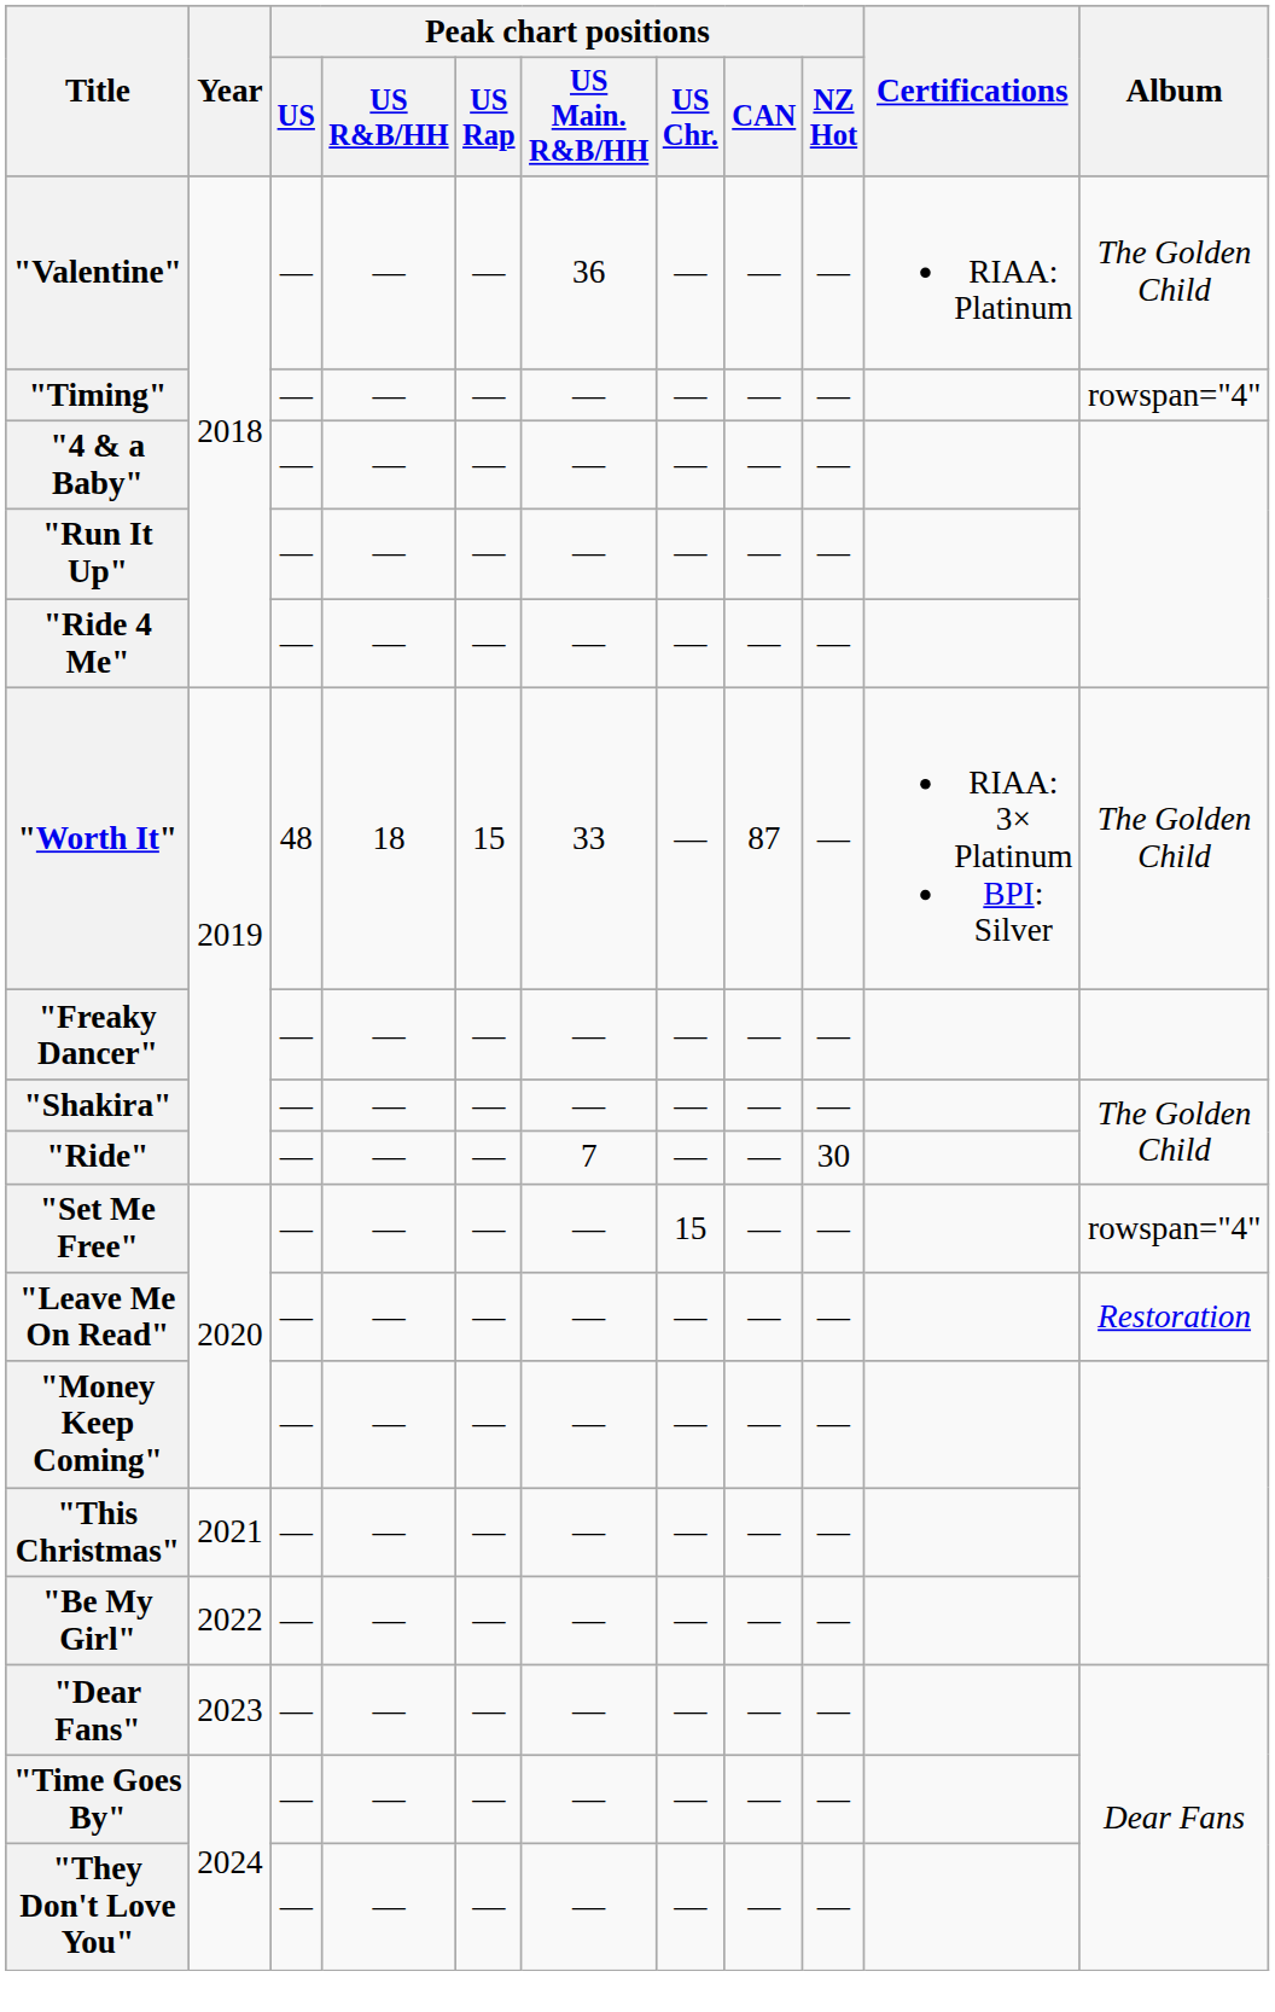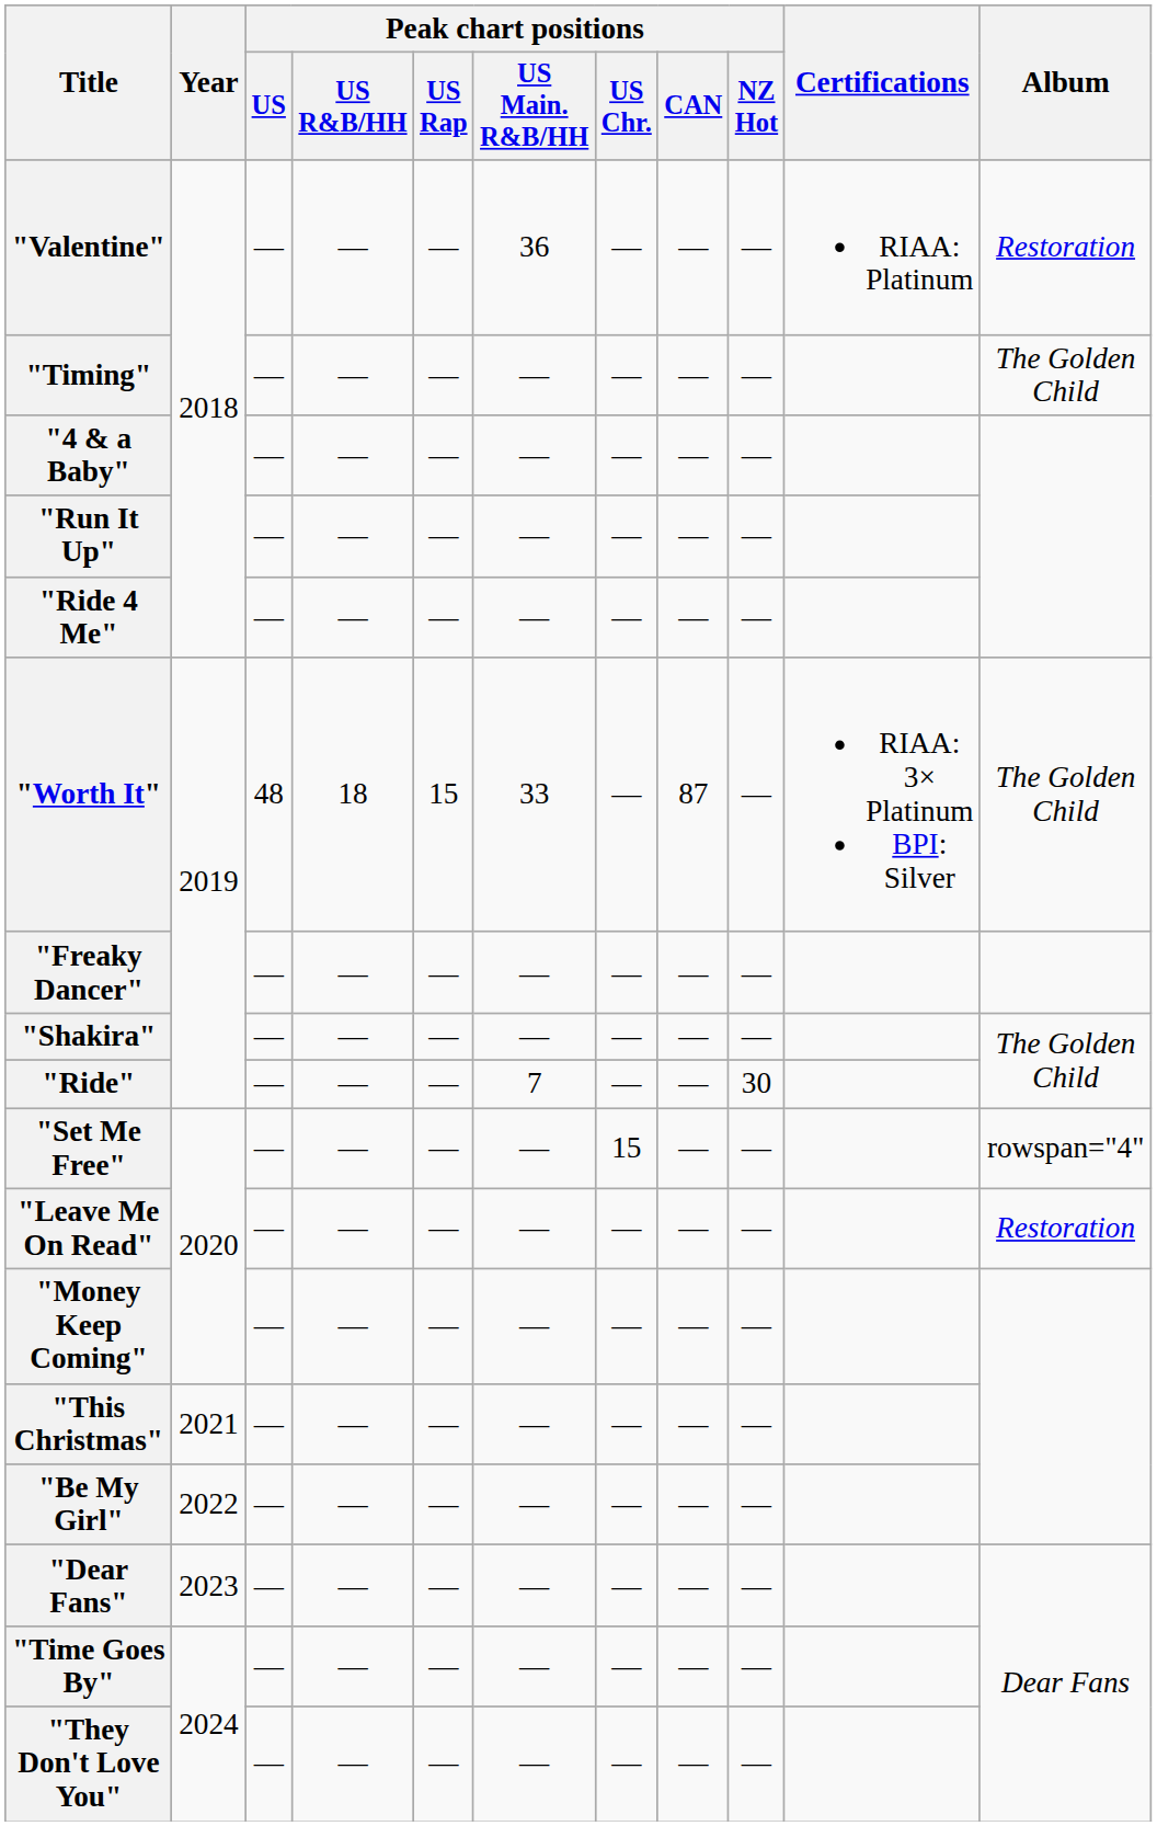 <table class="wikitable plainrowheaders" style="text-align:center;">
 <tr>
 <th scope="col" rowspan="2" style="width:15em;">Title</th>
 <th scope="col" rowspan="2" style="width:1em;">Year</th>
 <th colspan="7" scope="col">Peak chart positions</th>
 <th scope="col" rowspan="2" style="width:10em;"><a href='#'>Certifications</a></th>
 <th scope="col" rowspan="2">Album</th>
 </tr>
 <tr>
 <th scope="col" style="width:3em;font-size:90%;"><a href='#'>US</a><br></th>
 <th scope="col" style="width:3em;font-size:90%;"><a href='#'>US<br>R&B/HH</a><br></th>
 <th scope="col" style="width:3em;font-size:90%;"><a href='#'>US<br>Rap</a><br></th>
 <th scope="col" style="width:3em;font-size:90%;"><a href='#'>US<br>Main.<br>R&B/HH</a><br></th>
 <th scope="col" style="width:3em;font-size:90%;"><a href='#'>US<br>Chr.</a><br></th>
 <th scope="col" style="width:3em;font-size:90%;"><a href='#'>CAN</a><br></th>
 <th scope="col" style="width:3em;font-size:90%;"><a href='#'>NZ<br>Hot</a><br></th>
 </tr>
 <tr>
 <th scope="row">"Valentine"</th>
 <td rowspan="5">2018</td>
 <td>—</td>
 <td>—</td>
 <td>—</td>
 <td>36</td>
 <td>—</td>
 <td>—</td>
 <td>—</td>
 <td><br><ul><li>RIAA: Platinum</li></ul></td>
-<td><em>The Golden Child</em></td>
+<td><em><a href='#'>Restoration</a></em></td>
 </tr>
 <tr>
 <th scope="row">"Timing"</th>
 <td>—</td>
 <td>—</td>
 <td>—</td>
 <td>—</td>
 <td>—</td>
 <td>—</td>
 <td>—</td>
 <td></td>
-<td>rowspan="4" </td>
+<td><em>The Golden Child</em></td>
 </tr>
 <tr>
 <th scope="row">"4 & a Baby"<br></th>
 <td>—</td>
 <td>—</td>
 <td>—</td>
 <td>—</td>
 <td>—</td>
 <td>—</td>
 <td>—</td>
 <td></td>
 </tr>
 <tr>
 <th scope="row">"Run It Up"</th>
 <td>—</td>
 <td>—</td>
 <td>—</td>
 <td>—</td>
 <td>—</td>
 <td>—</td>
 <td>—</td>
 <td></td>
 </tr>
 <tr>
 <th scope="row">"Ride 4 Me"<br></th>
 <td>—</td>
 <td>—</td>
 <td>—</td>
 <td>—</td>
 <td>—</td>
 <td>—</td>
 <td>—</td>
 <td></td>
 </tr>
 <tr>
 <th scope="row">"<a href='#'>Worth It</a>"</th>
 <td rowspan="4">2019</td>
 <td>48</td>
 <td>18</td>
 <td>15</td>
 <td>33</td>
 <td>—</td>
 <td>87</td>
 <td>—</td>
 <td><br><ul><li>RIAA: 3× Platinum</li><li><a href='#'>BPI</a>: Silver</li></ul></td>
 <td><em>The Golden Child</em></td>
 </tr>
 <tr>
 <th scope="row">"Freaky Dancer"<br></th>
 <td>—</td>
 <td>—</td>
 <td>—</td>
 <td>—</td>
 <td>—</td>
 <td>—</td>
 <td>—</td>
 <td></td>
 <td></td>
 </tr>
 <tr>
 <th scope="row">"Shakira"</th>
 <td>—</td>
 <td>—</td>
 <td>—</td>
 <td>—</td>
 <td>—</td>
 <td>—</td>
 <td>—</td>
 <td></td>
 <td rowspan="2"><em>The Golden Child</em></td>
 </tr>
 <tr>
 <th scope="row">"Ride"<br></th>
 <td>—</td>
 <td>—</td>
 <td>—</td>
 <td>7</td>
 <td>—</td>
 <td>—</td>
 <td>30</td>
 <td></td>
 </tr>
 <tr>
 <th scope="row">"Set Me Free"<br></th>
 <td rowspan="3">2020</td>
 <td>—</td>
 <td>—</td>
 <td>—</td>
 <td>—</td>
 <td>15</td>
 <td>—</td>
 <td>—</td>
 <td></td>
 <td>rowspan="4" </td>
 </tr>
 <tr>
 <th scope="row">"Leave Me On Read"</th>
 <td>—</td>
 <td>—</td>
 <td>—</td>
 <td>—</td>
 <td>—</td>
 <td>—</td>
 <td>—</td>
 <td></td>
 <td><em><a href='#'>Restoration</a></em></td>
 </tr>
 <tr>
 <th scope="row">"Money Keep Coming"</th>
 <td>—</td>
 <td>—</td>
 <td>—</td>
 <td>—</td>
 <td>—</td>
 <td>—</td>
 <td>—</td>
 <td></td>
 </tr>
 <tr>
 <th scope="row">"This Christmas"</th>
 <td>2021</td>
 <td>—</td>
 <td>—</td>
 <td>—</td>
 <td>—</td>
 <td>—</td>
 <td>—</td>
 <td>—</td>
 <td></td>
 </tr>
 <tr>
 <th scope="row">"Be My Girl"</th>
 <td>2022</td>
 <td>—</td>
 <td>—</td>
 <td>—</td>
 <td>—</td>
 <td>—</td>
 <td>—</td>
 <td>—</td>
 <td></td>
 </tr>
 <tr>
 <th scope="row">"Dear Fans"<br></th>
 <td>2023</td>
 <td>—</td>
 <td>—</td>
 <td>—</td>
 <td>—</td>
 <td>—</td>
 <td>—</td>
 <td>—</td>
 <td></td>
 <td rowspan="3"><em>Dear Fans</em></td>
 </tr>
 <tr>
 <th scope="row">"Time Goes By"</th>
 <td rowspan="2">2024</td>
 <td>—</td>
 <td>—</td>
 <td>—</td>
 <td>—</td>
 <td>—</td>
 <td>—</td>
 <td>—</td>
 <td></td>
 </tr>
 <tr>
 <th scope="row">"They Don't Love You"</th>
 <td>—</td>
 <td>—</td>
 <td>—</td>
 <td>—</td>
 <td>—</td>
 <td>—</td>
 <td>—</td>
 <td></td>
 </tr>
 </table>
